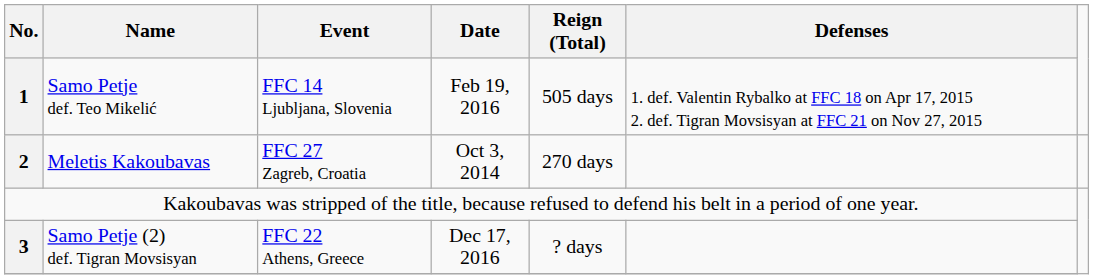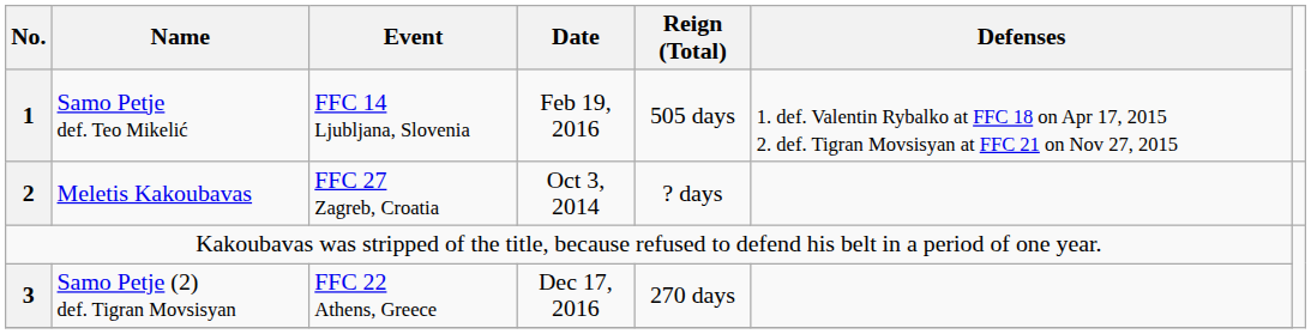 <table class="wikitable" style="width:99%;">
 <tr>
 <th style="width:2%;">No.</th>
 <th>Name</th>
 <th>Event</th>
 <th style="width:9%;">Date</th>
 <th style="width:9%;">Reign<br>(Total)</th>
 <th>Defenses</th>
 </tr>
 <tr>
 <th>1</th>
 <td> <a href='#'>Samo Petje</a><br><small>def. Teo Mikelić </small></td>
 <td><a href='#'>FFC 14</a><br><small>Ljubljana, Slovenia</small></td>
 <td style="text-align:center;">Feb 19, 2016</td>
 <td style="text-align:center;">505 days</td>
 <td><br><small>1. def. Valentin Rybalko at <a href='#'>FFC 18</a> on Apr 17, 2015</small><br> <small>2. def. Tigran Movsisyan at <a href='#'>FFC 21</a> on Nov 27, 2015</small><br></td>
 </tr>
 <tr>
 <th>2</th>
 <td> <a href='#'>Meletis Kakoubavas</a></td>
 <td><a href='#'>FFC 27</a><br><small>Zagreb, Croatia</small></td>
 <td style="text-align:center;">Oct 3, 2014</td>
-<td style="text-align:center;">270 days</td>
+<td style="text-align:center;">? days</td>
 <td></td>
 <td></td>
 </tr>
 <tr>
 <td align="center" colspan="6">Kakoubavas was stripped of the title, because refused to defend his belt in a period of one year.</td>
 </tr>
 <tr>
 <th>3</th>
 <td> <a href='#'>Samo Petje</a> (2)<br> <small>def. Tigran Movsisyan </small></td>
 <td><a href='#'>FFC 22</a><br><small>Athens, Greece</small></td>
 <td style="text-align:center;">Dec 17, 2016</td>
-<td style="text-align:center;">? days</td>
+<td style="text-align:center;">270 days</td>
 <td></td>
 </tr>
 <tr>
 </tr>
 </table>
